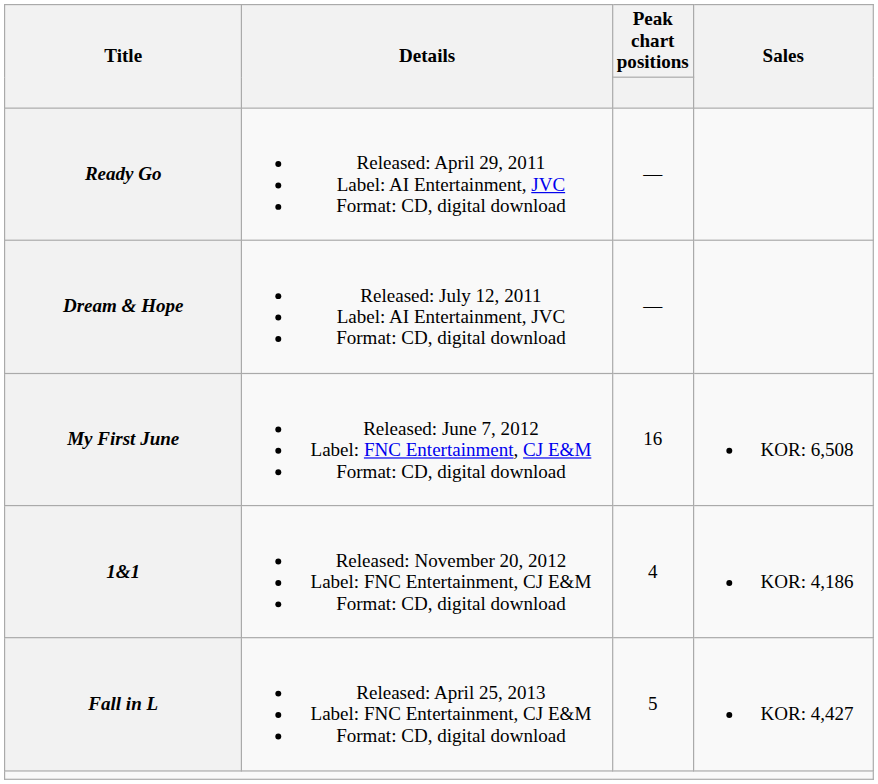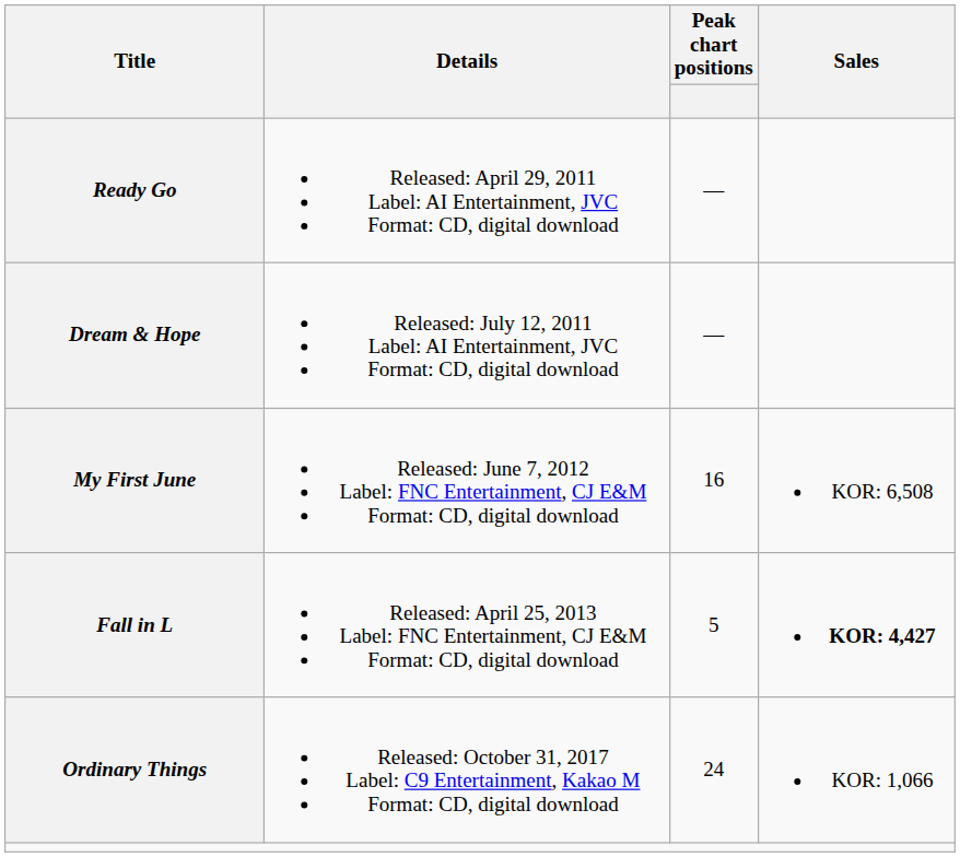 <table class="wikitable plainrowheaders" style="text-align:center;">
 <tr>
 <th scope="col" rowspan="2" style="width:12em;">Title</th>
 <th scope="col" rowspan="2" style="width:19em;">Details</th>
 <th>Peak chart positions</th>
 <th scope="col" rowspan="2" style="width:9em;">Sales</th>
 </tr>
 <tr>
 <th style="width:3em"><br></th>
 </tr>
 <tr>
 <th scope="row"><em>Ready Go</em></th>
 <td><br><ul><li>Released: April 29, 2011 </li><li>Label: AI Entertainment, <a href='#'>JVC</a></li><li>Format: CD, digital download</li></ul></td>
 <td>—</td>
 <td></td>
 </tr>
 <tr>
 <th scope="row"><em>Dream & Hope</em></th>
 <td><br><ul><li>Released: July 12, 2011 </li><li>Label: AI Entertainment, JVC</li><li>Format: CD, digital download</li></ul></td>
 <td>—</td>
 <td></td>
 </tr>
 <tr>
 <th scope="row"><em>My First June</em></th>
 <td><br><ul><li>Released: June 7, 2012 </li><li>Label: <a href='#'>FNC Entertainment</a>, <a href='#'>CJ E&M</a></li><li>Format: CD, digital download</li></ul></td>
 <td>16</td>
 <td><br><ul><li>KOR: 6,508</li></ul></td>
 </tr>
 <tr>
-<th scope="row"><em>1&1</em></th>
-<td><br><ul><li>Released: November 20, 2012 </li><li>Label: FNC Entertainment, CJ E&M</li><li>Format: CD, digital download</li></ul></td>
-<td>4</td>
-<td><br><ul><li>KOR: 4,186</li></ul></td>
-</tr>
-<tr>
 <th scope="row"><em>Fall in L</em></th>
 <td><br><ul><li>Released: April 25, 2013 </li><li>Label: FNC Entertainment, CJ E&M</li><li>Format: CD, digital download</li></ul></td>
 <td>5</td>
-<td><br><ul><li>KOR: 4,427</li></ul></td>
+<td><strong><br><ul><li>KOR: 4,427</li></ul></strong></td>
+</tr>
+<tr>
+<th scope="row"><em>Ordinary Things</em></th>
+<td><br><ul><li>Released: October 31, 2017 </li><li>Label: <a href='#'>C9 Entertainment</a>, <a href='#'>Kakao M</a></li><li>Format: CD, digital download</li></ul></td>
+<td>24</td>
+<td><br><ul><li>KOR: 1,066</li></ul></td>
 </tr>
 <tr>
 <td colspan="4"></td>
 </tr>
 </table>
